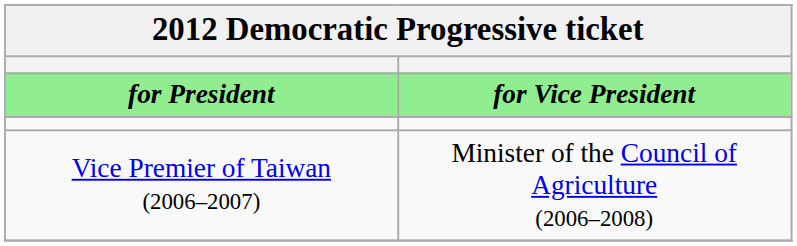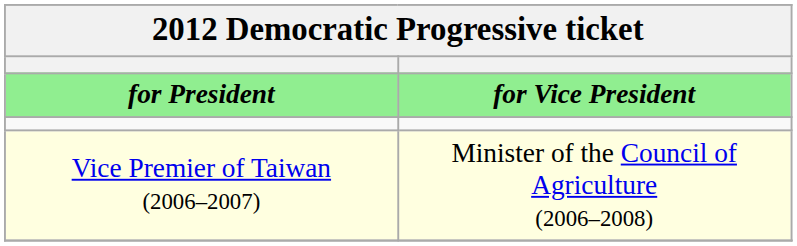 <table class="wikitable" style="font-size:90%; text-align:center;">
 <tr>
 <td colspan="28" style="background:#f1f1f1;"><big><strong>2012 Democratic Progressive ticket</strong></big></td>
 </tr>
 <tr>
 <th style="width:3em; font-size:135%; background:"></th>
 <th style="width:3em; font-size:135%; background:"></th>
 </tr>
 <tr style="color:#000; font-size:100%; background:lightgreen;">
 <td style="width:3em; width:200px;"><strong><em>for President</em></strong></td>
 <td style="width:3em; width:200px;"><strong><em>for Vice President</em></strong></td>
 </tr>
 <tr>
 <td></td>
 <td></td>
 </tr>
 <tr>
-<td><a href='#'>Vice Premier of Taiwan</a><br><small>(2006–2007)</small></td>
-<td>Minister of the <a href='#'>Council of Agriculture</a><br><small>(2006–2008)</small></td>
+<td style="background: lightyellow;"><a href='#'>Vice Premier of Taiwan</a><br><small>(2006–2007)</small></td>
+<td style="background: lightyellow;">Minister of the <a href='#'>Council of Agriculture</a><br><small>(2006–2008)</small></td>
 </tr>
 <tr>
 </tr>
 </table>
